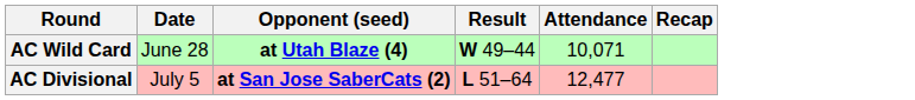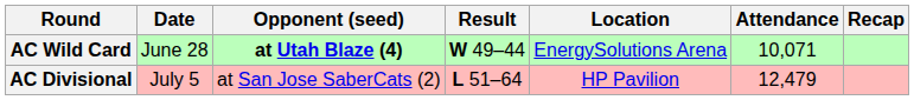 <table class="wikitable" style="text-align:center">
 <tr>
 <th>Round</th>
 <th>Date</th>
 <th>Opponent (seed)</th>
 <th>Result</th>
+<th>Location</th>
 <th>Attendance</th>
 <th>Recap</th>
 </tr>
 <tr bgcolor="#bbffbb">
 <th>AC Wild Card</th>
 <td>June 28</td>
 <td><strong>at <a href='#'>Utah Blaze</a> (4)</strong></td>
 <td><strong>W</strong> 49–44</td>
+<td><a href='#'>EnergySolutions Arena</a></td>
 <td>10,071</td>
 <td></td>
 </tr>
 <tr bgcolor="ffbbbb">
 <th>AC Divisional</th>
 <td>July 5</td>
-<td><strong>at <a href='#'>San Jose SaberCats</a> (2)</strong></td>
+<td>at <a href='#'>San Jose SaberCats</a> (2)</td>
 <td><strong>L</strong> 51–64</td>
-<td>12,477</td>
+<td><a href='#'>HP Pavilion</a></td>
+<td>12,479</td>
 <td></td>
 </tr>
 </table>
